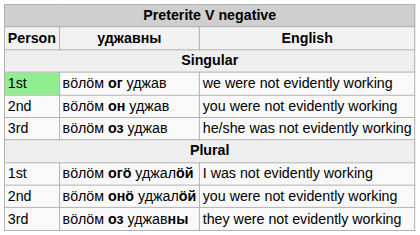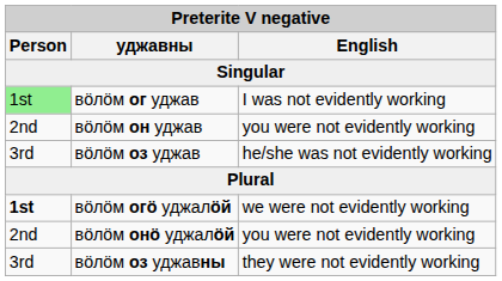 <table class="wikitable">
 <tr>
 <th colspan="5" style="background:#cfcfcf;">Preterite V negative</th>
 </tr>
 <tr style="background:#dfdfdf;" |>
 <th>Person</th>
 <th>уджавны</th>
 <th>English</th>
 </tr>
 <tr>
 <th colspan="5" style="background:#efefef">Singular</th>
 </tr>
 <tr>
 <td style="background: lightgreen;">1st</td>
 <td>вӧлӧм <strong>ог</strong> уджав</td>
-<td>we were not evidently working</td>
+<td>I was not evidently working</td>
 </tr>
 <tr>
 <td>2nd</td>
 <td>вӧлӧм <strong>он</strong> уджав</td>
 <td>you were not evidently working</td>
 </tr>
 <tr>
 <td>3rd</td>
 <td>вӧлӧм <strong>оз</strong> уджав</td>
 <td>he/she was not evidently working</td>
 </tr>
 <tr>
 <th colspan="5" style="background:#efefef">Plural</th>
 </tr>
 <tr>
-<td>1st</td>
+<td><strong>1st</strong></td>
 <td>вӧлӧм <strong>огӧ</strong> уджал<strong>ӧй</strong></td>
-<td>I was not evidently working</td>
+<td>we were not evidently working</td>
 </tr>
 <tr>
 <td>2nd</td>
 <td>вӧлӧм <strong>онӧ</strong> уджал<strong>ӧй </strong></td>
 <td>you were not evidently working</td>
 </tr>
 <tr>
 <td>3rd</td>
 <td>вӧлӧм <strong>оз</strong> уджав<strong>ны</strong></td>
 <td>they were not evidently working</td>
 </tr>
 </table>
